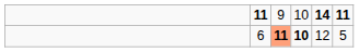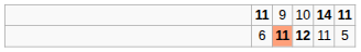 <table class="wikitable">
 <tr>
 <td style="width:18em"><strong></strong></td>
 <td align=center style="width:1em"><strong>11</strong></td>
 <td align=center style="width:1em">9</td>
 <td align=center style="width:1em">10</td>
 <td align=center style="width:1em"><strong>14</strong></td>
 <td align=center style="width:1em"><strong>11</strong></td>
 </tr>
 <tr>
 <td style="width:18em"></td>
 <td align=center style="width:1em">6</td>
 <td align=center style="background: lightsalmon; width:1em"><strong>11</strong></td>
-<td align=center style="width:1em"><strong>10</strong></td>
-<td align=center style="width:1em">12</td>
+<td align=center style="width:1em"><strong>12</strong></td>
+<td align=center style="width:1em">11</td>
 <td align=center style="width:1em">5</td>
 </tr>
 </table>
